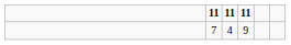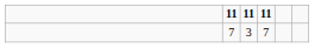 <table class="wikitable">
 <tr>
 <td style="width:18em"><strong></strong></td>
 <td align=center style="width:1em"><strong>11</strong></td>
 <td align=center style="width:1em"><strong>11</strong></td>
 <td align=center style="width:1em"><strong>11</strong></td>
 <td align=center style="width:1em"></td>
 <td align=center style="width:1em"></td>
 </tr>
 <tr>
 <td style="width:18em"></td>
 <td align=center style="width:1em">7</td>
-<td align=center style="width:1em">4</td>
-<td align=center style="width:1em">9</td>
+<td align=center style="width:1em">3</td>
+<td align=center style="width:1em">7</td>
 <td align=center style="width:1em"></td>
 <td align=center style="width:1em"></td>
 </tr>
 </table>
